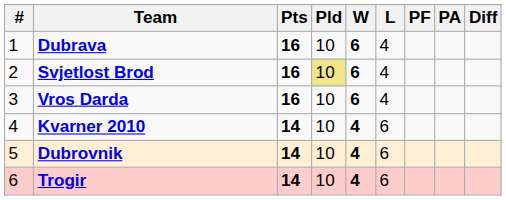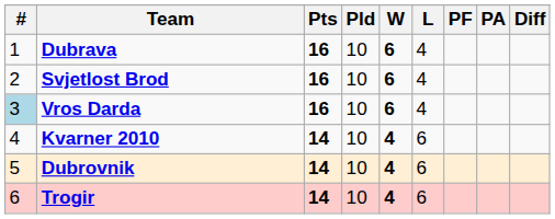 <table class=wikitable>
 <tr align=center>
 </tr>
 <tr>
 <th width=20>#</th>
 <th width=220>Team</th>
 <th width=20>Pts</th>
 <th width=20>Pld</th>
 <th width=20>W</th>
 <th width=20>L</th>
 <th width=20>PF</th>
 <th width=20>PA</th>
 <th width=20>Diff</th>
 </tr>
 <tr>
 <td>1</td>
 <td align="left"><strong><a href='#'>Dubrava</a></strong></td>
 <td><strong>16</strong></td>
 <td>10</td>
 <td><strong>6</strong></td>
 <td>4</td>
 <td></td>
 <td></td>
 <td></td>
 </tr>
 <tr>
 <td>2</td>
 <td align="left"><strong><a href='#'>Svjetlost Brod</a></strong></td>
 <td><strong>16</strong></td>
-<td style="background: khaki;">10</td>
+<td>10</td>
 <td><strong>6</strong></td>
 <td>4</td>
 <td></td>
 <td></td>
 <td></td>
 </tr>
 <tr>
-<td>3</td>
+<td style="background: lightblue;">3</td>
 <td align="left"><strong><a href='#'>Vros Darda</a></strong></td>
 <td><strong>16</strong></td>
 <td>10</td>
 <td><strong>6</strong></td>
 <td>4</td>
 <td></td>
 <td></td>
 <td></td>
 </tr>
 <tr>
 <td>4</td>
 <td align="left"><strong><a href='#'>Kvarner 2010</a></strong></td>
 <td><strong>14</strong></td>
 <td>10</td>
 <td><strong>4</strong></td>
 <td>6</td>
 <td></td>
 <td></td>
 <td></td>
 </tr>
 <tr bgcolor=FFEFD5>
 <td>5</td>
 <td align="left"><strong><a href='#'>Dubrovnik</a></strong></td>
 <td><strong>14</strong></td>
 <td>10</td>
 <td><strong>4</strong></td>
 <td>6</td>
 <td></td>
 <td></td>
 <td></td>
 </tr>
 <tr bgcolor=FFCCCC>
 <td>6</td>
 <td align="left"><strong><a href='#'>Trogir</a></strong></td>
 <td><strong>14</strong></td>
 <td>10</td>
 <td><strong>4</strong></td>
 <td>6</td>
 <td></td>
 <td></td>
 <td></td>
 </tr>
 </table>
